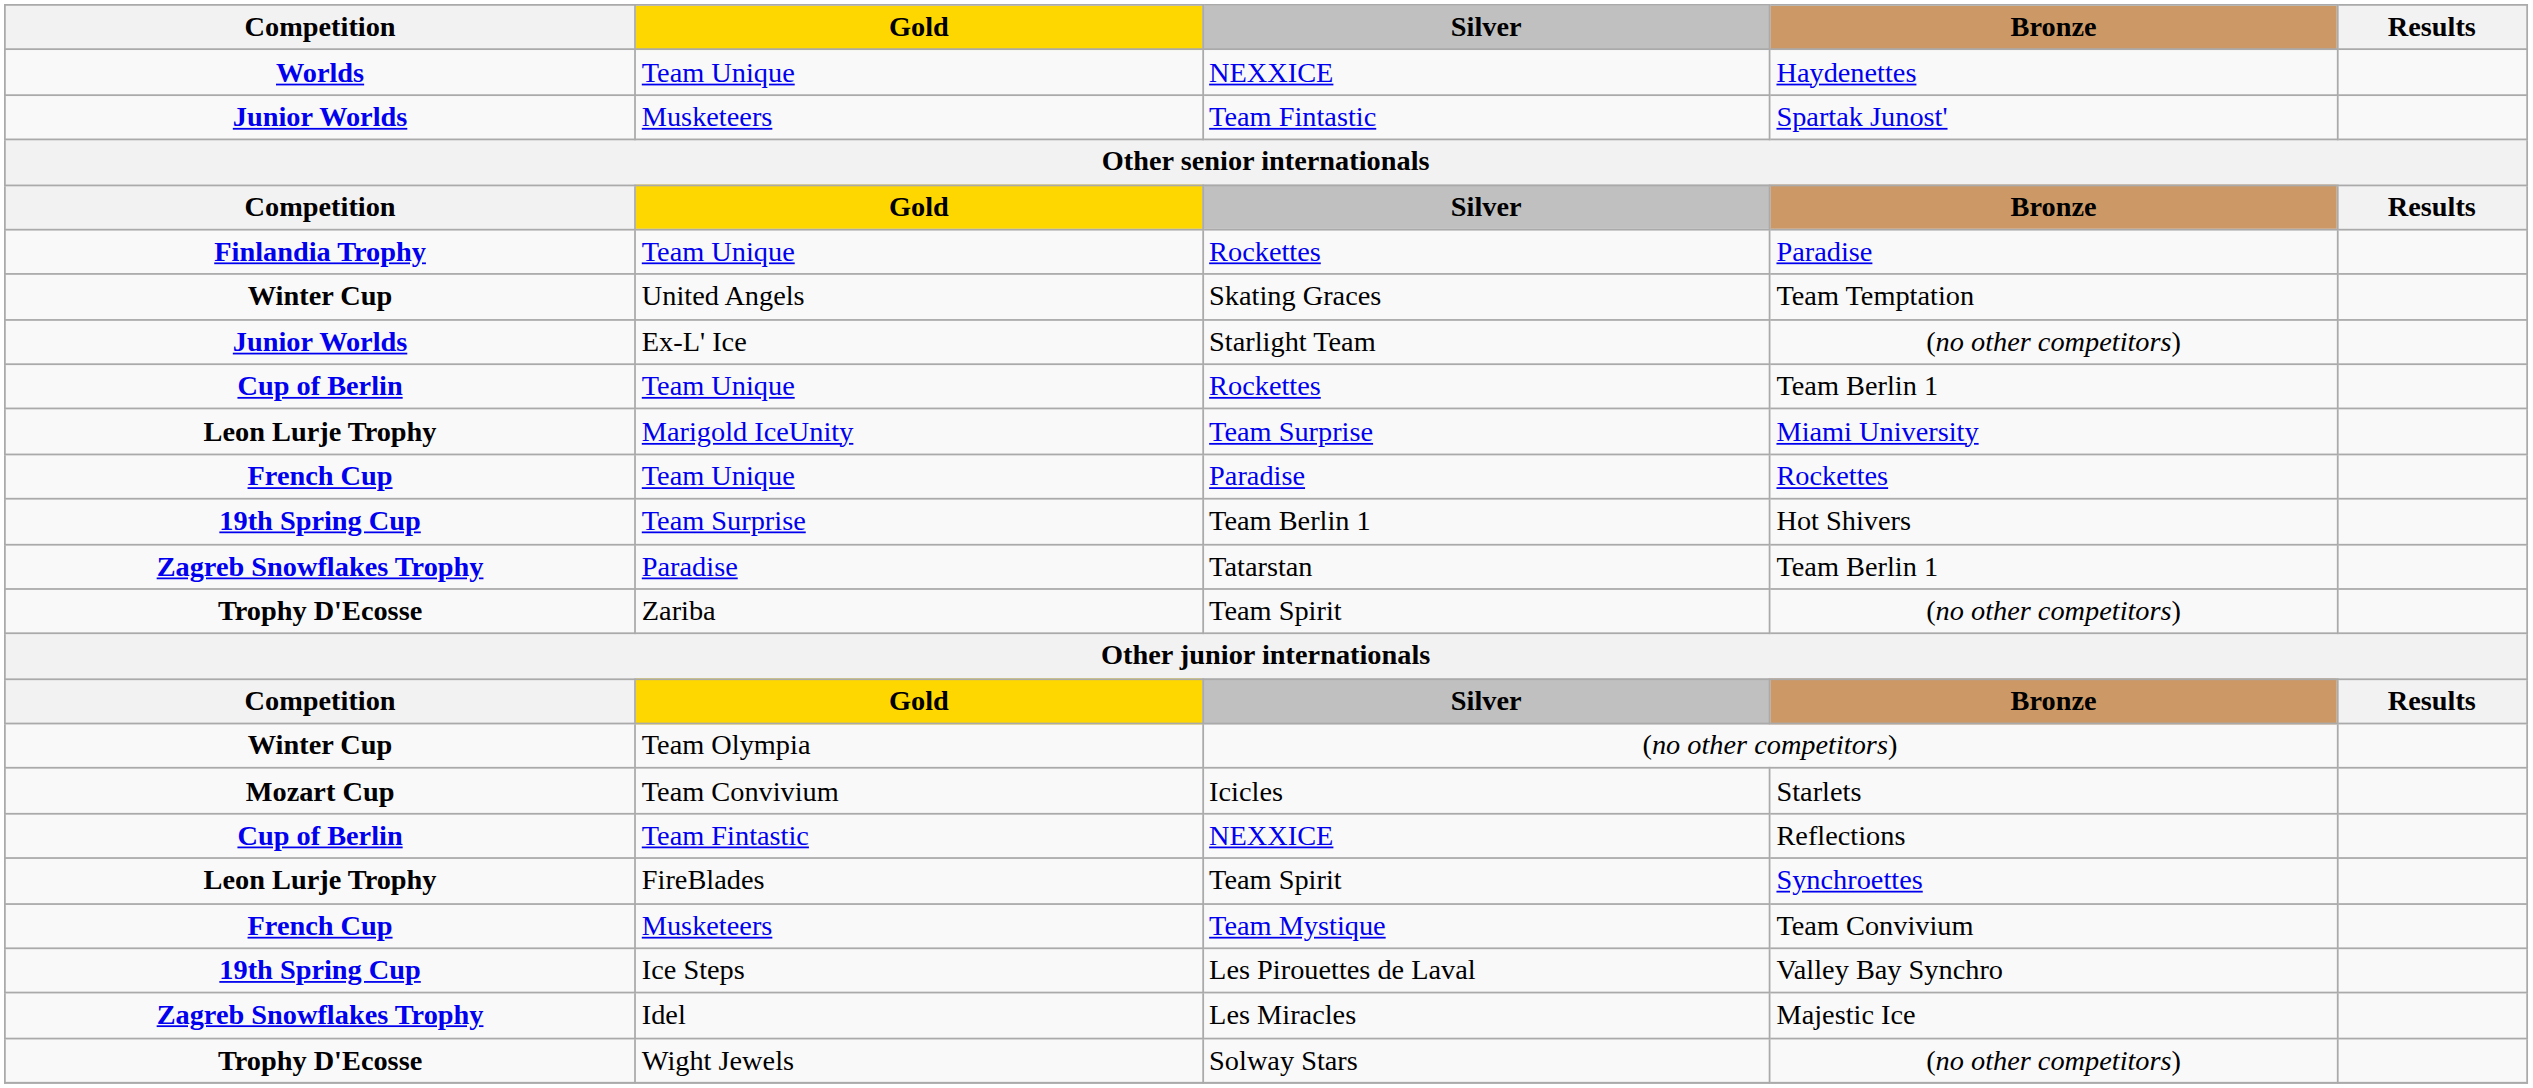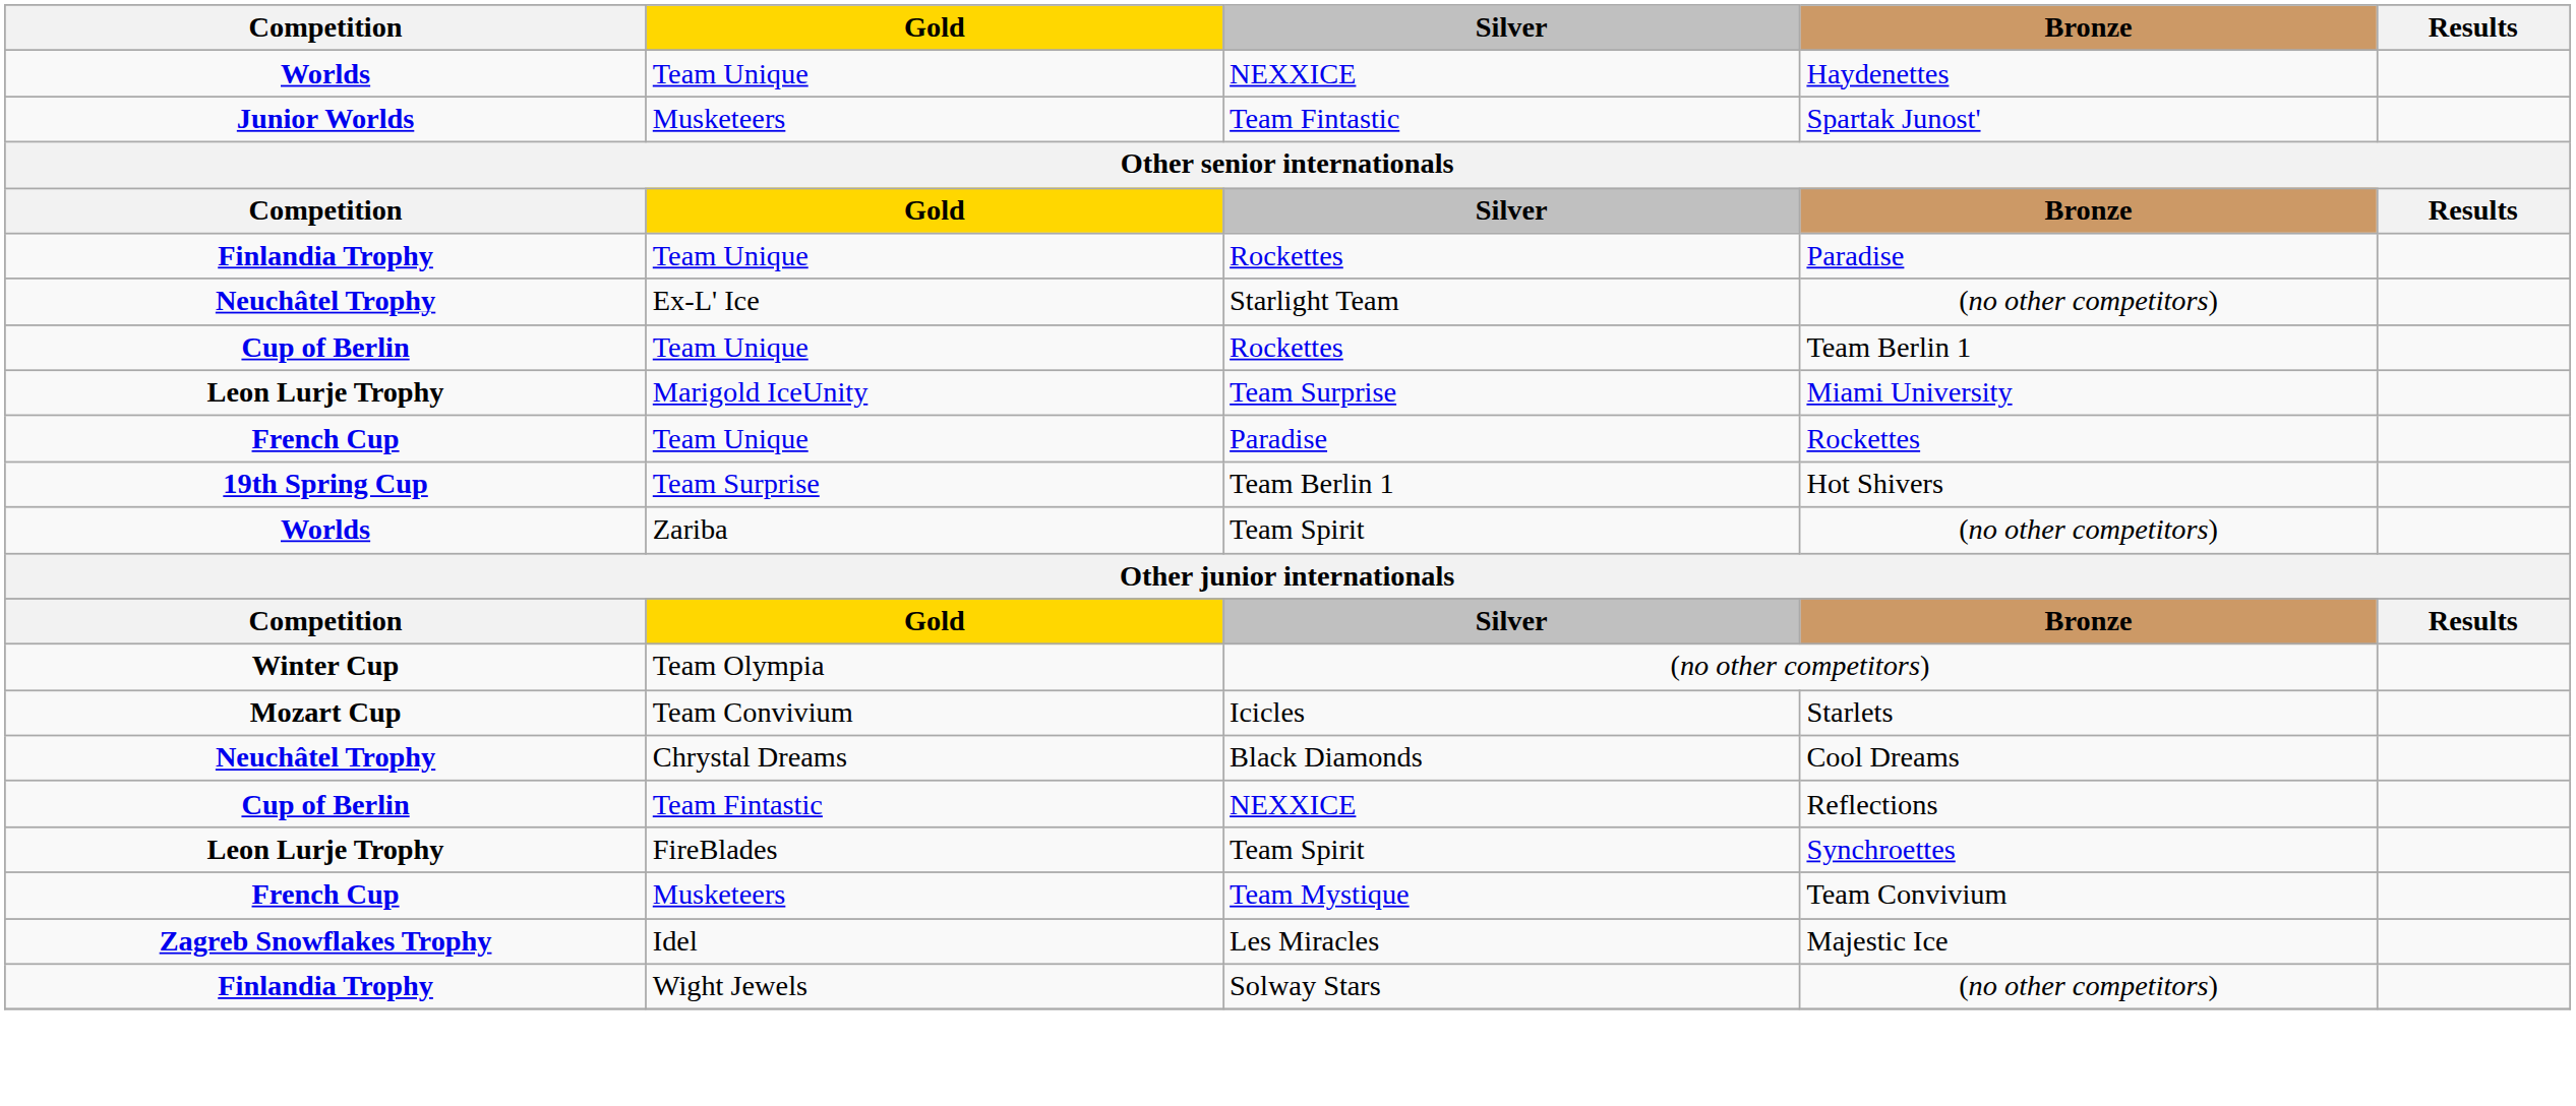 <table class="wikitable unsortable" style="text-align:left; width:90%;">
 <tr>
 <th scope="col" style="text-align:center; width:25%;">Competition</th>
 <td scope="col" style="text-align:center; width:22.5%; background:gold"><strong>Gold</strong></td>
 <td scope="col" style="text-align:center; width:22.5%; background:silver"><strong>Silver</strong></td>
 <td scope="col" style="text-align:center; width:22.5%; background:#c96"><strong>Bronze</strong></td>
 <th scope="col" style="text-align:center; width:7.5%;">Results</th>
 </tr>
 <tr>
 <td align="center"><strong><a href='#'>Worlds</a></strong></td>
 <td> <a href='#'>Team Unique</a></td>
 <td> <a href='#'>NEXXICE</a></td>
 <td> <a href='#'>Haydenettes</a></td>
 <td align="center"></td>
 </tr>
 <tr>
 <td align="center"><strong><a href='#'>Junior Worlds</a></strong></td>
 <td> <a href='#'>Musketeers</a></td>
 <td> <a href='#'>Team Fintastic</a></td>
 <td> <a href='#'>Spartak Junost'</a></td>
 <td align="center"></td>
 </tr>
 <tr>
 <th colspan=5>Other senior internationals</th>
 </tr>
 <tr>
 <th scope="col" style="text-align:center; width:25%;">Competition</th>
 <td scope="col" style="text-align:center; width:22.5%; background:gold"><strong>Gold</strong></td>
 <td scope="col" style="text-align:center; width:22.5%; background:silver"><strong>Silver</strong></td>
 <td scope="col" style="text-align:center; width:22.5%; background:#c96"><strong>Bronze</strong></td>
 <th scope="col" style="text-align:center; width:7.5%;">Results</th>
 </tr>
 <tr>
 <td align="center"><strong><a href='#'>Finlandia Trophy</a></strong></td>
 <td> <a href='#'>Team Unique</a></td>
 <td> <a href='#'>Rockettes</a></td>
 <td> <a href='#'>Paradise</a></td>
 <td align="center"></td>
 </tr>
 <tr>
-<td align="center"><strong>Winter Cup</strong></td>
-<td> United Angels</td>
-<td> Skating Graces</td>
-<td> Team Temptation</td>
-<td align="center"></td>
-</tr>
-<tr>
-<td align="center"><strong><a href='#'>Junior Worlds</a></strong></td>
+<td align="center"><strong><a href='#'>Neuchâtel Trophy</a></strong></td>
 <td> Ex-L' Ice</td>
 <td> Starlight Team</td>
 <td align="center">(<em>no other competitors</em>)</td>
 <td align="center"></td>
 </tr>
 <tr>
 <td align="center"><strong><a href='#'>Cup of Berlin</a></strong></td>
 <td> <a href='#'>Team Unique</a></td>
 <td> <a href='#'>Rockettes</a></td>
 <td> Team Berlin 1</td>
 <td align="center"></td>
 </tr>
 <tr>
 <td align="center"><strong>Leon Lurje Trophy</strong></td>
 <td> <a href='#'>Marigold IceUnity</a></td>
 <td> <a href='#'>Team Surprise</a></td>
 <td> <a href='#'>Miami University</a></td>
 <td align="center"></td>
 </tr>
 <tr>
 <td align="center"><strong><a href='#'>French Cup</a></strong></td>
 <td> <a href='#'>Team Unique</a></td>
 <td> <a href='#'>Paradise</a></td>
 <td> <a href='#'>Rockettes</a></td>
 <td align="center"></td>
 </tr>
 <tr>
 <td align="center"><strong><a href='#'>19th Spring Cup</a></strong></td>
 <td> <a href='#'>Team Surprise</a></td>
 <td> Team Berlin 1</td>
 <td> Hot Shivers</td>
 <td align="center"></td>
 </tr>
 <tr>
-<td align="center"><strong><a href='#'>Zagreb Snowflakes Trophy</a></strong></td>
-<td> <a href='#'>Paradise</a></td>
-<td> Tatarstan</td>
-<td> Team Berlin 1</td>
-<td align="center"></td>
-</tr>
-<tr>
-<td align="center"><strong>Trophy D'Ecosse</strong></td>
+<td align="center"><strong><a href='#'>Worlds</a></strong></td>
 <td> Zariba</td>
 <td> Team Spirit</td>
 <td align="center">(<em>no other competitors</em>)</td>
 <td align="center"></td>
 </tr>
 <tr>
 <th colspan=5>Other junior internationals</th>
 </tr>
 <tr>
 <th scope="col" style="text-align:center; width:25%;">Competition</th>
 <td scope="col" style="text-align:center; width:22.5%; background:gold"><strong>Gold</strong></td>
 <td scope="col" style="text-align:center; width:22.5%; background:silver"><strong>Silver</strong></td>
 <td scope="col" style="text-align:center; width:22.5%; background:#c96"><strong>Bronze</strong></td>
 <th scope="col" style="text-align:center; width:7.5%;">Results</th>
 </tr>
 <tr>
 <td align="center"><strong>Winter Cup</strong></td>
 <td> Team Olympia</td>
 <td align="center" colspan="2">(<em>no other competitors</em>)</td>
 <td align="center"></td>
 </tr>
 <tr>
 <td align="center"><strong>Mozart Cup</strong></td>
 <td> Team Convivium</td>
 <td> Icicles</td>
 <td> Starlets</td>
 <td align="center"></td>
 </tr>
 <tr>
+<td align="center"><strong><a href='#'>Neuchâtel Trophy</a></strong></td>
+<td> Chrystal Dreams</td>
+<td> Black Diamonds</td>
+<td> Cool Dreams</td>
+<td align="center"></td>
+</tr>
+<tr>
 <td align="center"><strong><a href='#'>Cup of Berlin</a></strong></td>
 <td> <a href='#'>Team Fintastic</a></td>
 <td> <a href='#'>NEXXICE</a></td>
 <td> Reflections</td>
 <td align="center"></td>
 </tr>
 <tr>
 <td align="center"><strong>Leon Lurje Trophy</strong></td>
 <td> FireBlades</td>
 <td> Team Spirit</td>
 <td> <a href='#'>Synchroettes</a></td>
 <td align="center"></td>
 </tr>
 <tr>
 <td align="center"><strong><a href='#'>French Cup</a></strong></td>
 <td> <a href='#'>Musketeers</a></td>
 <td> <a href='#'>Team Mystique</a></td>
 <td> Team Convivium</td>
 <td align="center"></td>
 </tr>
 <tr>
-<td align="center"><strong><a href='#'>19th Spring Cup</a></strong></td>
-<td> Ice Steps</td>
-<td> Les Pirouettes de Laval</td>
-<td> Valley Bay Synchro</td>
-<td align="center"></td>
-</tr>
-<tr>
 <td align="center"><strong><a href='#'>Zagreb Snowflakes Trophy</a></strong></td>
 <td> Idel</td>
 <td> Les Miracles</td>
 <td> Majestic Ice</td>
 <td align="center"></td>
 </tr>
 <tr>
-<td align="center"><strong>Trophy D'Ecosse</strong></td>
+<td align="center"><strong><a href='#'>Finlandia Trophy</a></strong></td>
 <td> Wight Jewels</td>
 <td> Solway Stars</td>
 <td align="center">(<em>no other competitors</em>)</td>
 <td align="center"></td>
 </tr>
 <tr>
 </tr>
 </table>
